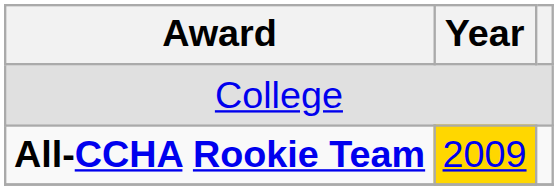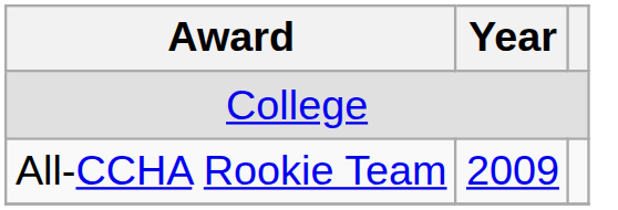 <table class="wikitable">
 <tr>
 <th>Award</th>
 <th>Year</th>
 <th></th>
 </tr>
 <tr ALIGN="center" bgcolor="#e0e0e0">
 <td colspan="3"><a href='#'>College</a></td>
 </tr>
 <tr>
-<td><strong>All-<a href='#'>CCHA</a> <a href='#'>Rookie Team</a></strong></td>
-<td style="background: gold;"><a href='#'>2009</a></td>
+<td>All-<a href='#'>CCHA</a> <a href='#'>Rookie Team</a></td>
+<td><a href='#'>2009</a></td>
 <td></td>
 </tr>
 <tr>
 </tr>
 </table>
